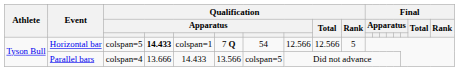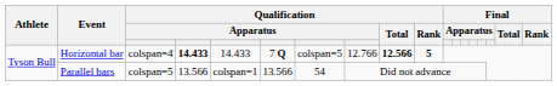 <table class=wikitable style=font-size:90%;text-align:center>
 <tr>
 <th rowspan=3>Athlete</th>
 <th rowspan=3>Event</th>
 <th colspan =8>Qualification</th>
 <th colspan =8>Final</th>
 </tr>
 <tr style=font-size:95%>
 <th colspan=6>Apparatus</th>
 <th rowspan=2>Total</th>
 <th rowspan=2>Rank</th>
 <th colspan=6>Apparatus</th>
 <th rowspan=2>Total</th>
 <th rowspan=2>Rank</th>
 </tr>
 <tr style="font-size:95%">
 <th></th>
 <th></th>
 <th></th>
 <th></th>
 <th></th>
 <th></th>
 <th></th>
 <th></th>
 <th></th>
 <th></th>
 <th></th>
 <th></th>
 </tr>
 <tr align=center>
 <td align=left rowspan=2><a href='#'>Tyson Bull</a></td>
 <td align=left><a href='#'>Horizontal bar</a></td>
+<td>colspan=4 </td>
+<td><strong>14.433</strong></td>
+<td>14.433</td>
+<td>7 <strong>Q</strong></td>
 <td>colspan=5 </td>
-<td><strong>14.433</strong></td>
-<td>colspan=1 </td>
-<td>7 <strong>Q</strong></td>
-<td>54</td>
-<td>12.566</td>
-<td>12.566</td>
-<td>5</td>
+<td>12.766</td>
+<td><strong>12.566</strong></td>
+<td><strong>5</strong></td>
 </tr>
 <tr>
 <td align=left><a href='#'>Parallel bars</a></td>
-<td>colspan=4 </td>
-<td>13.666</td>
-<td>14.433</td>
+<td>colspan=5 </td>
 <td>13.566</td>
-<td>colspan=5 </td>
+<td>colspan=1 </td>
+<td>13.566</td>
+<td>54</td>
 <td colspan="8">Did not advance</td>
 </tr>
 </table>
